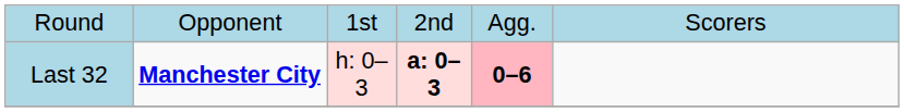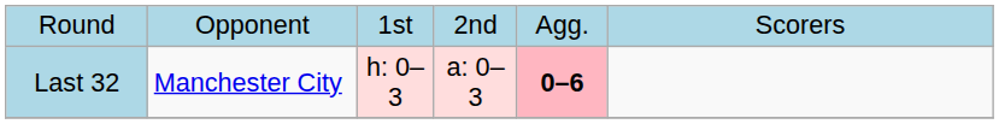 <table class="wikitable" style="text-align:center">
 <tr bgcolor=lightblue>
 <td width=150px>Round</td>
 <td width=200px>Opponent</td>
 <td width=80px>1st</td>
 <td width=80px>2nd</td>
 <td width=80px>Agg.</td>
 <td width=600px>Scorers</td>
 </tr>
 <tr>
 <td bgcolor=lightblue>Last 32</td>
-<td align=left><strong> <a href='#'>Manchester City</a></strong></td>
+<td align=left> <a href='#'>Manchester City</a></td>
 <td bgcolor=#ffdddd>h: 0–3</td>
-<td bgcolor=#ffdddd><strong>a: 0–3</strong></td>
+<td bgcolor=#ffdddd>a: 0–3</td>
 <td bgcolor=lightpink><strong>0–6</strong></td>
 <td></td>
 </tr>
 <tr>
 </tr>
 </table>
